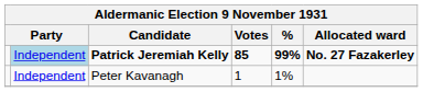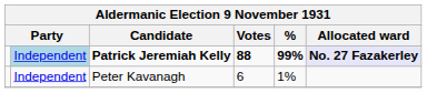 <table class="wikitable">
 <tr>
 <th colspan="6"><strong>Aldermanic Election 9 November 1931</strong></th>
 </tr>
 <tr>
 <th colspan="2">Party</th>
 <th>Candidate</th>
 <th>Votes</th>
 <th>%</th>
 <th>Allocated ward</th>
 </tr>
 <tr>
 <td style="background-color:"></td>
 <td style="background: lightblue;"><a href='#'>Independent</a></td>
 <td><strong>Patrick Jeremiah Kelly</strong></td>
-<td><strong>85</strong></td>
+<td><strong>88</strong></td>
 <td><strong>99%</strong></td>
-<td><strong>No. 27 Fazakerley</strong></td>
+<td style="background: lavender;"><strong>No. 27 Fazakerley</strong></td>
 </tr>
 <tr>
 <td style="background-color:"></td>
 <td><a href='#'>Independent</a></td>
 <td>Peter Kavanagh</td>
-<td>1</td>
+<td>6</td>
 <td>1%</td>
 <td></td>
 </tr>
 <tr>
 </tr>
 </table>
